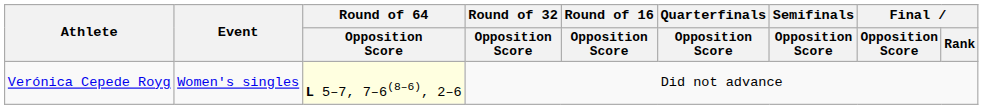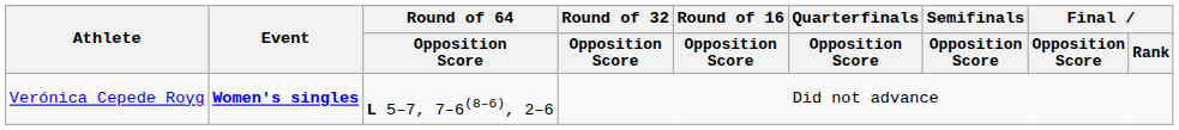 <table class=wikitable style="font-size:90%">
 <tr>
 <th rowspan="2">Athlete</th>
 <th rowspan="2">Event</th>
 <th>Round of 64</th>
 <th>Round of 32</th>
 <th>Round of 16</th>
 <th>Quarterfinals</th>
 <th>Semifinals</th>
 <th colspan=2>Final / </th>
 </tr>
 <tr style="font-size:95%">
 <th>Opposition<br>Score</th>
 <th>Opposition<br>Score</th>
 <th>Opposition<br>Score</th>
 <th>Opposition<br>Score</th>
 <th>Opposition<br>Score</th>
 <th>Opposition<br>Score</th>
 <th>Rank</th>
 </tr>
 <tr align=center>
 <td align=left><a href='#'>Verónica Cepede Royg</a></td>
-<td align=left><a href='#'>Women's singles</a></td>
-<td style="background: lightyellow;"><br><strong>L</strong> 5–7, 7–6<sup>(8–6)</sup>, 2–6</td>
+<td align=left><strong><a href='#'>Women's singles</a></strong></td>
+<td><br><strong>L</strong> 5–7, 7–6<sup>(8–6)</sup>, 2–6</td>
 <td colspan=6>Did not advance</td>
 </tr>
 </table>
